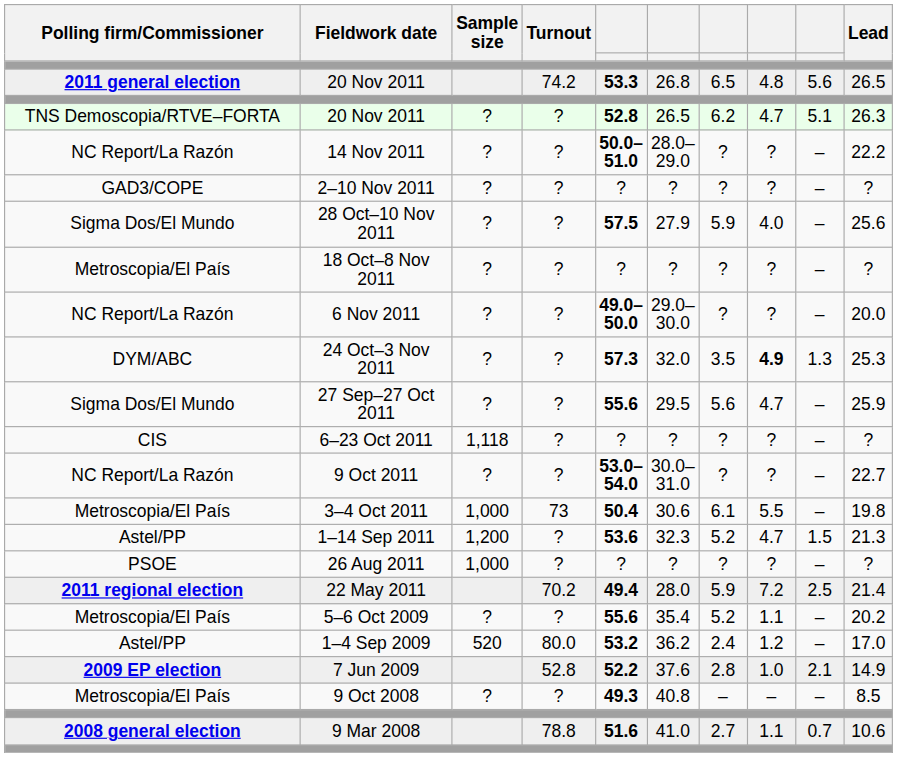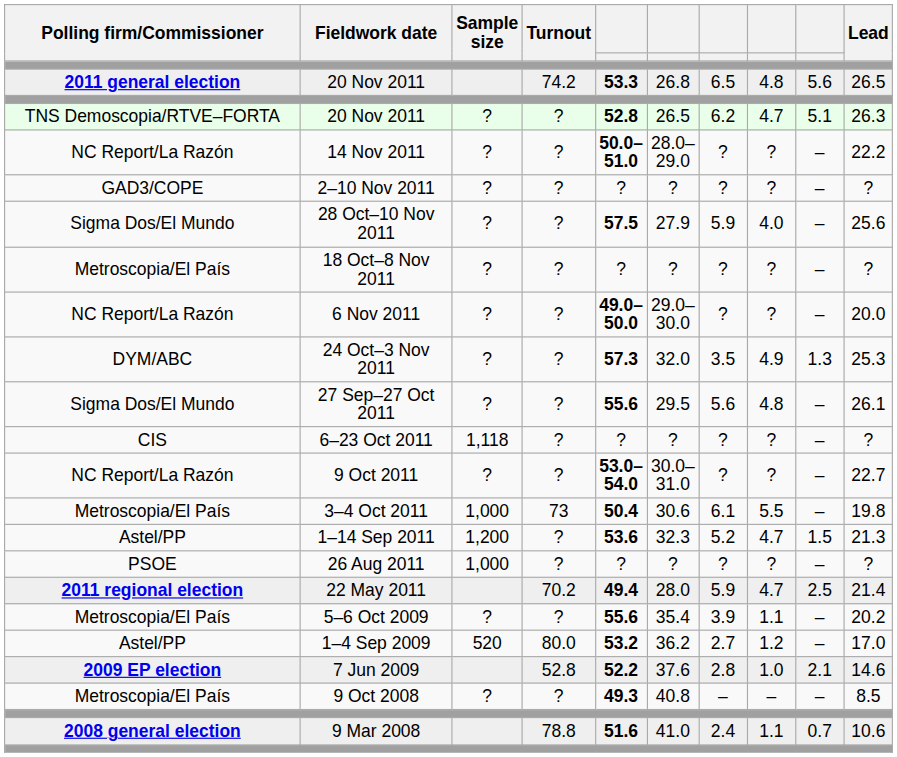 <table class="wikitable collapsible collapsed" style="text-align:center; font-size:95%; line-height:16px;">
 <tr style="height:42px;">
 <th style="width:250px;" rowspan="2">Polling firm/Commissioner</th>
 <th style="width:125px;" rowspan="2">Fieldwork date</th>
 <th style="width:50px;" rowspan="2">Sample size</th>
 <th style="width:45px;" rowspan="2">Turnout</th>
 <th style="width:35px;"></th>
 <th style="width:35px;"></th>
 <th style="width:35px;"></th>
 <th style="width:35px;"><br></th>
 <th style="width:35px;"></th>
 <th style="width:30px;" rowspan="2">Lead</th>
 </tr>
 <tr>
 <th style="color:inherit;background:"></th>
 <th style="color:inherit;background:"></th>
 <th style="color:inherit;background:"></th>
 <th style="color:inherit;background:"></th>
 <th style="color:inherit;background:"></th>
 </tr>
 <tr>
 <td colspan="10" style="background:#A0A0A0"></td>
 </tr>
 <tr style="background:#EFEFEF;">
 <td><strong><a href='#'>2011 general election</a></strong></td>
 <td>20 Nov 2011</td>
 <td></td>
 <td>74.2</td>
 <td><strong>53.3</strong><br></td>
 <td>26.8<br></td>
 <td>6.5<br></td>
 <td>4.8<br></td>
 <td>5.6<br></td>
 <td style="background:">26.5</td>
 </tr>
 <tr>
 <td colspan="10" style="background:#A0A0A0"></td>
 </tr>
 <tr style="background:#EAFFEA;">
 <td>TNS Demoscopia/RTVE–FORTA</td>
 <td>20 Nov 2011</td>
 <td>?</td>
 <td>?</td>
 <td><strong>52.8</strong><br></td>
 <td>26.5<br></td>
 <td>6.2<br></td>
 <td>4.7<br></td>
 <td>5.1<br></td>
 <td style="background:">26.3</td>
 </tr>
 <tr>
 <td>NC Report/La Razón</td>
 <td>14 Nov 2011</td>
 <td>?</td>
 <td>?</td>
 <td><strong>50.0–<br>51.0</strong><br></td>
 <td>28.0–<br>29.0<br></td>
 <td>?<br></td>
 <td>?<br></td>
 <td>–</td>
 <td style="background:">22.2</td>
 </tr>
 <tr>
 <td>GAD3/COPE</td>
 <td>2–10 Nov 2011</td>
 <td>?</td>
 <td>?</td>
 <td>?<br></td>
 <td>?<br></td>
 <td>?<br></td>
 <td>?<br></td>
 <td>–</td>
 <td style="background:">?</td>
 </tr>
 <tr>
 <td>Sigma Dos/El Mundo</td>
 <td>28 Oct–10 Nov 2011</td>
 <td>?</td>
 <td>?</td>
 <td><strong>57.5</strong><br></td>
 <td>27.9<br></td>
 <td>5.9<br></td>
 <td>4.0<br></td>
 <td>–</td>
 <td style="background:">25.6</td>
 </tr>
 <tr>
 <td>Metroscopia/El País</td>
 <td>18 Oct–8 Nov 2011</td>
 <td>?</td>
 <td>?</td>
 <td>?<br></td>
 <td>?<br></td>
 <td>?<br></td>
 <td>?<br></td>
 <td>–</td>
 <td style="background:">?</td>
 </tr>
 <tr>
 <td>NC Report/La Razón</td>
 <td>6 Nov 2011</td>
 <td>?</td>
 <td>?</td>
 <td><strong>49.0–<br>50.0</strong><br></td>
 <td>29.0–<br>30.0<br></td>
 <td>?<br></td>
 <td>?<br></td>
 <td>–</td>
 <td style="background:">20.0</td>
 </tr>
 <tr>
 <td>DYM/ABC</td>
 <td>24 Oct–3 Nov 2011</td>
 <td>?</td>
 <td>?</td>
 <td><strong>57.3</strong><br></td>
 <td>32.0<br></td>
 <td>3.5<br></td>
-<td><strong>4.9<br></strong></td>
+<td>4.9<br></td>
 <td>1.3<br></td>
 <td style="background:">25.3</td>
 </tr>
 <tr>
 <td>Sigma Dos/El Mundo</td>
 <td>27 Sep–27 Oct 2011</td>
 <td>?</td>
 <td>?</td>
 <td><strong>55.6</strong><br></td>
 <td>29.5<br></td>
 <td>5.6<br></td>
-<td>4.7<br></td>
+<td>4.8<br></td>
 <td>–</td>
-<td style="background:">25.9</td>
+<td style="background:">26.1</td>
 </tr>
 <tr>
 <td>CIS</td>
 <td>6–23 Oct 2011</td>
 <td>1,118</td>
 <td>?</td>
 <td>?<br></td>
 <td>?<br></td>
 <td>?<br></td>
 <td>?<br></td>
 <td>–</td>
 <td style="background:">?</td>
 </tr>
 <tr>
 <td>NC Report/La Razón</td>
 <td>9 Oct 2011</td>
 <td>?</td>
 <td>?</td>
 <td><strong>53.0–<br>54.0</strong><br></td>
 <td>30.0–<br>31.0<br></td>
 <td>?<br></td>
 <td>?<br></td>
 <td>–</td>
 <td style="background:">22.7</td>
 </tr>
 <tr>
 <td>Metroscopia/El País</td>
 <td>3–4 Oct 2011</td>
 <td>1,000</td>
 <td>73</td>
 <td><strong>50.4</strong><br></td>
 <td>30.6<br></td>
 <td>6.1<br></td>
 <td>5.5<br></td>
 <td>–</td>
 <td style="background:">19.8</td>
 </tr>
 <tr>
 <td>Astel/PP</td>
 <td>1–14 Sep 2011</td>
 <td>1,200</td>
 <td>?</td>
 <td><strong>53.6</strong><br></td>
 <td>32.3<br></td>
 <td>5.2<br></td>
 <td>4.7<br></td>
 <td>1.5<br></td>
 <td style="background:">21.3</td>
 </tr>
 <tr>
 <td>PSOE</td>
 <td>26 Aug 2011</td>
 <td>1,000</td>
 <td>?</td>
 <td>?<br></td>
 <td>?<br></td>
 <td>?<br></td>
 <td>?<br></td>
 <td>–</td>
 <td style="background:">?</td>
 </tr>
 <tr style="background:#EFEFEF;">
 <td><strong><a href='#'>2011 regional election</a></strong></td>
 <td>22 May 2011</td>
 <td></td>
 <td>70.2</td>
 <td><strong>49.4</strong><br></td>
 <td>28.0<br></td>
 <td>5.9<br></td>
-<td>7.2<br></td>
+<td>4.7<br></td>
 <td>2.5<br></td>
 <td style="background:">21.4</td>
 </tr>
 <tr>
 <td>Metroscopia/El País</td>
 <td>5–6 Oct 2009</td>
 <td>?</td>
 <td>?</td>
 <td><strong>55.6</strong><br></td>
 <td>35.4<br></td>
-<td>5.2<br></td>
+<td>3.9<br></td>
 <td>1.1<br></td>
 <td>–</td>
 <td style="background:">20.2</td>
 </tr>
 <tr>
 <td>Astel/PP</td>
 <td>1–4 Sep 2009</td>
 <td>520</td>
 <td>80.0</td>
 <td><strong>53.2</strong><br></td>
 <td>36.2<br></td>
-<td>2.4<br></td>
+<td>2.7<br></td>
 <td>1.2<br></td>
 <td>–</td>
 <td style="background:">17.0</td>
 </tr>
 <tr style="background:#EFEFEF;">
 <td><strong><a href='#'>2009 EP election</a></strong></td>
 <td>7 Jun 2009</td>
 <td></td>
 <td>52.8</td>
 <td><strong>52.2</strong><br></td>
 <td>37.6<br></td>
 <td>2.8<br></td>
 <td>1.0<br></td>
 <td>2.1<br></td>
-<td style="background:">14.9</td>
+<td style="background:">14.6</td>
 </tr>
 <tr>
 <td>Metroscopia/El País</td>
 <td>9 Oct 2008</td>
 <td>?</td>
 <td>?</td>
 <td><strong>49.3</strong><br></td>
 <td>40.8<br></td>
 <td>–</td>
 <td>–</td>
 <td>–</td>
 <td style="background:">8.5</td>
 </tr>
 <tr>
 <td colspan="10" style="background:#A0A0A0"></td>
 </tr>
 <tr style="background:#EFEFEF;">
 <td><strong><a href='#'>2008 general election</a></strong></td>
 <td>9 Mar 2008</td>
 <td></td>
 <td>78.8</td>
 <td><strong>51.6</strong><br></td>
 <td>41.0<br></td>
-<td>2.7<br></td>
+<td>2.4<br></td>
 <td>1.1<br></td>
 <td>0.7<br></td>
 <td style="background:">10.6</td>
 </tr>
 <tr>
 <td colspan="10" style="background:#A0A0A0"></td>
 </tr>
 </table>
